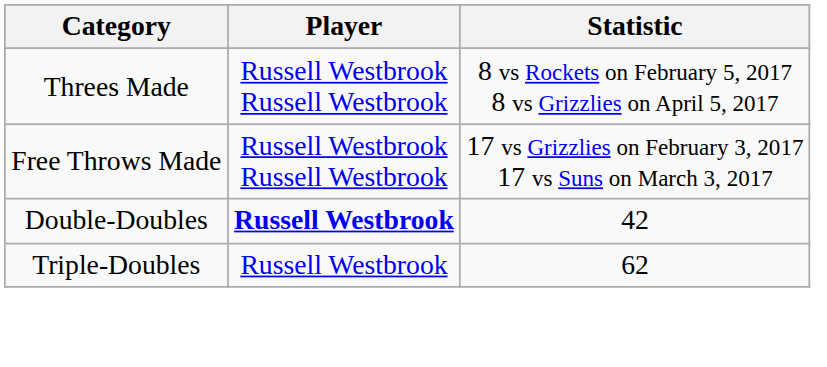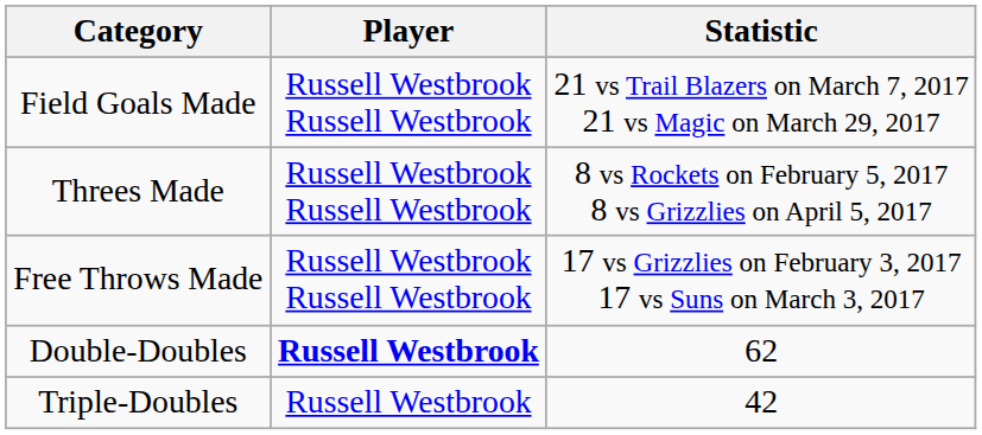 <table class="wikitable sortable sortable" style="text-align: center">
 <tr>
 <th>Category</th>
 <th>Player</th>
 <th>Statistic</th>
+</tr>
+<tr style="text-align: center">
+<td>Field Goals Made</td>
+<td><a href='#'>Russell Westbrook</a><br><a href='#'>Russell Westbrook</a></td>
+<td>21 <small>vs <a href='#'>Trail Blazers</a> on March 7, 2017</small><br>21 <small>vs <a href='#'>Magic</a> on March 29, 2017</small></td>
 </tr>
 <tr style="text-align: center">
 <td>Threes Made</td>
 <td><a href='#'>Russell Westbrook</a><br><a href='#'>Russell Westbrook</a></td>
 <td>8 <small>vs <a href='#'>Rockets</a> on February 5, 2017</small><br>8 <small>vs <a href='#'>Grizzlies</a> on April 5, 2017</small></td>
 </tr>
 <tr style="text-align: center">
 <td>Free Throws Made</td>
 <td><a href='#'>Russell Westbrook</a><br><a href='#'>Russell Westbrook</a></td>
 <td>17 <small>vs <a href='#'>Grizzlies</a> on February 3, 2017</small><br>17 <small>vs <a href='#'>Suns</a> on March 3, 2017</small></td>
 </tr>
 <tr style="text-align: center">
 <td>Double-Doubles</td>
 <td><strong><a href='#'>Russell Westbrook</a></strong></td>
-<td>42</td>
+<td>62</td>
 </tr>
 <tr style="text-align: center">
 <td>Triple-Doubles</td>
 <td><a href='#'>Russell Westbrook</a></td>
-<td>62</td>
+<td>42</td>
 </tr>
 </table>
